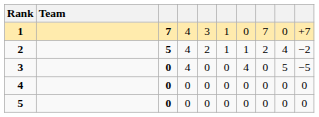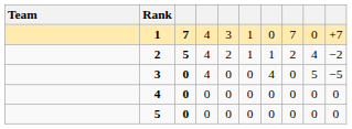 <table class="wikitable" style="text-align:center">
 <tr>
+<th width=165 style="text-align:left">Team</th>
 <th width=30>Rank</th>
-<th width=165 style="text-align:left">Team</th>
 <th width=20></th>
 <th width=20></th>
 <th width=20></th>
 <th width=20></th>
 <th width=20></th>
 <th width=20></th>
 <th width=20></th>
 <th width=20></th>
 </tr>
 <tr bgcolor="#ffebad">
+<td align="left"></td>
 <td><strong>1</strong></td>
-<td align="left"></td>
 <td><strong>7</strong></td>
 <td>4</td>
 <td>3</td>
 <td>1</td>
 <td>0</td>
 <td>7</td>
 <td>0</td>
 <td>+7</td>
 </tr>
 <tr>
+<td align="left"></td>
 <td><strong>2</strong></td>
-<td align="left"></td>
 <td><strong>5</strong></td>
 <td>4</td>
 <td>2</td>
 <td>1</td>
 <td>1</td>
 <td>2</td>
 <td>4</td>
 <td>−2</td>
 </tr>
 <tr>
+<td align="left"></td>
 <td><strong>3</strong></td>
-<td align="left"></td>
 <td><strong>0</strong></td>
 <td>4</td>
 <td>0</td>
 <td>0</td>
 <td>4</td>
 <td>0</td>
 <td>5</td>
 <td>−5</td>
 </tr>
 <tr>
+<td align="left"></td>
 <td><strong>4</strong></td>
-<td align="left"></td>
 <td><strong>0</strong></td>
 <td>0</td>
 <td>0</td>
 <td>0</td>
 <td>0</td>
 <td>0</td>
 <td>0</td>
 <td>0</td>
 </tr>
 <tr>
+<td align="left"></td>
 <td><strong>5</strong></td>
-<td align="left"></td>
 <td><strong>0</strong></td>
 <td>0</td>
 <td>0</td>
 <td>0</td>
 <td>0</td>
 <td>0</td>
 <td>0</td>
 <td>0</td>
 </tr>
 </table>
